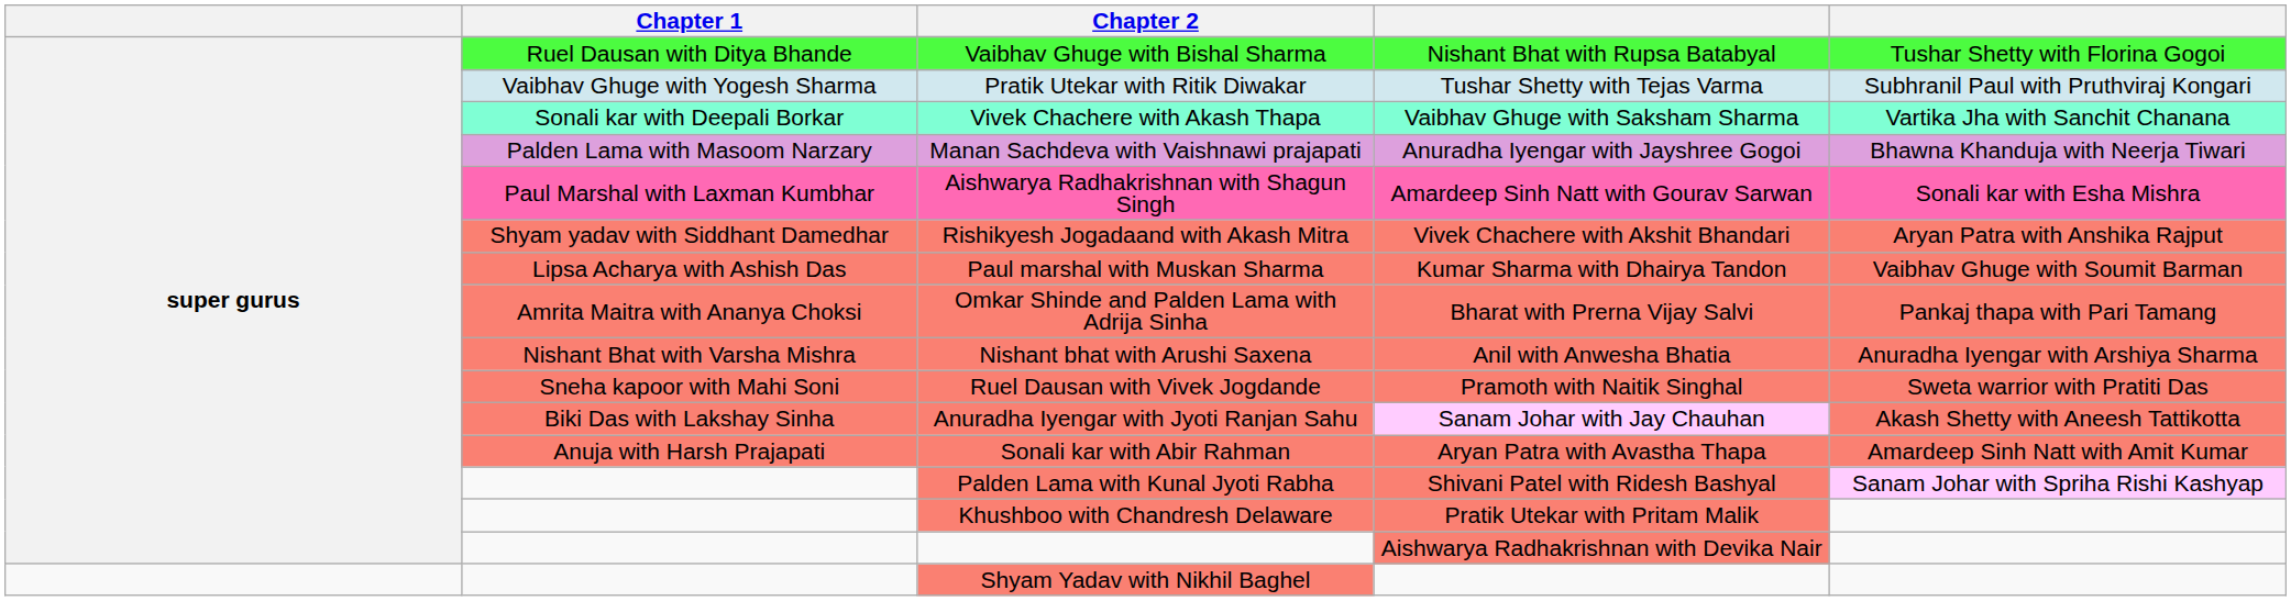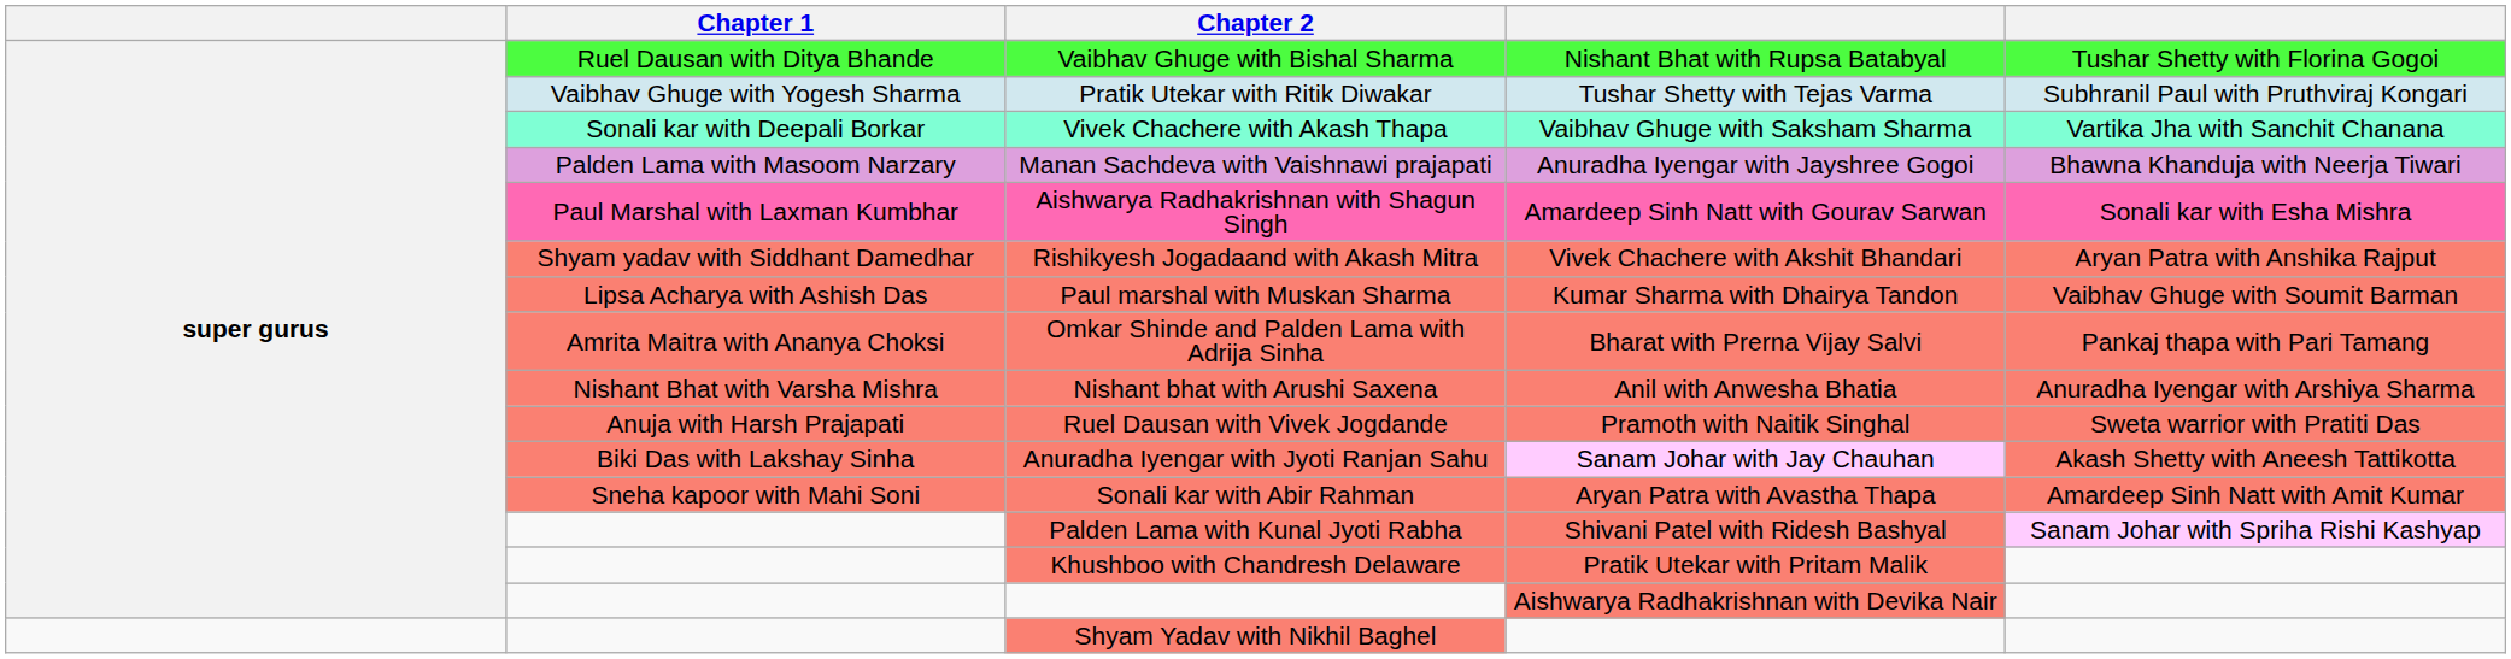 <table class="wikitable" style="text-align:center; width:100%; font-size:100%; line-height:15px;">
 <tr>
 <th rowspan="1" style="width: 10%;"></th>
 <th colspan="1" style="width: 10%;"><a href='#'>Chapter 1</a></th>
 <th colspan="1" style="width: 10%;"><a href='#'>Chapter 2</a></th>
 <th colspan="1" style="width: 10%;"></th>
 <th colspan="1" style="width: 10%;"></th>
 </tr>
 <tr>
 <th rowspan="17" style="width: 10%;">super gurus</th>
 </tr>
 <tr>
 <td style="background:#4CFC40;">Ruel Dausan with Ditya Bhande</td>
 <td style="background:#4CFC40;">Vaibhav Ghuge with Bishal Sharma</td>
 <td style="background:#4CFC40;">Nishant Bhat with Rupsa Batabyal</td>
 <td style="background:#4CFC40;">Tushar Shetty with Florina Gogoi</td>
 </tr>
 <tr>
 </tr>
 <tr>
 <td style="background:#D1E8EF;">Vaibhav Ghuge with Yogesh Sharma</td>
 <td style="background:#D1E8EF;">Pratik Utekar with Ritik Diwakar</td>
 <td style="background:#D1E8EF;">Tushar Shetty with Tejas Varma</td>
 <td style="background:#D1E8EF;">Subhranil Paul with Pruthviraj Kongari</td>
 </tr>
 <tr>
 <td bgcolor=#7FFFD4>Sonali kar with Deepali Borkar</td>
 <td bgcolor=#7FFFD4>Vivek Chachere with Akash Thapa</td>
 <td bgcolor=#7FFFD4>Vaibhav Ghuge with Saksham Sharma</td>
 <td bgcolor=#7FFFD4>Vartika Jha with Sanchit Chanana</td>
 </tr>
 <tr>
 <td bgcolor=#DDA0DD>Palden Lama with Masoom Narzary</td>
 <td bgcolor=#DDA0DD>Manan Sachdeva with Vaishnawi prajapati</td>
 <td bgcolor=#DDA0DD>Anuradha Iyengar with Jayshree Gogoi</td>
 <td bgcolor=#DDA0DD>Bhawna Khanduja with Neerja Tiwari</td>
 </tr>
 <tr>
 <td style="background:#FF69B4;">Paul Marshal with Laxman Kumbhar</td>
 <td style="background:#FF69B4;">Aishwarya Radhakrishnan with Shagun Singh</td>
 <td style="background:#FF69B4;">Amardeep Sinh Natt with Gourav Sarwan</td>
 <td style="background:#FF69B4;">Sonali kar with Esha Mishra</td>
 </tr>
 <tr>
 <td style="background:salmon;">Shyam yadav with Siddhant Damedhar</td>
 <td style="background:salmon;">Rishikyesh Jogadaand with Akash Mitra</td>
 <td style="background:salmon;">Vivek Chachere with Akshit Bhandari</td>
 <td style="background:salmon;">Aryan Patra with Anshika Rajput</td>
 </tr>
 <tr>
 <td style="background:salmon;">Lipsa Acharya with Ashish Das</td>
 <td style="background:salmon;">Paul marshal with Muskan Sharma</td>
 <td style="background:salmon;">Kumar Sharma with Dhairya Tandon</td>
 <td style="background:salmon;">Vaibhav Ghuge with Soumit Barman</td>
 </tr>
 <tr>
 <td style="background:salmon;">Amrita Maitra with Ananya Choksi</td>
 <td style="background:salmon;">Omkar Shinde and Palden Lama with Adrija Sinha</td>
 <td style="background:salmon;">Bharat with Prerna Vijay Salvi</td>
 <td style="background:salmon;">Pankaj thapa with Pari Tamang</td>
 </tr>
 <tr>
 <td style="background:salmon;">Nishant Bhat with Varsha Mishra</td>
 <td style="background:salmon;">Nishant bhat with Arushi Saxena</td>
 <td style="background:salmon;">Anil with Anwesha Bhatia</td>
 <td style="background:salmon;">Anuradha Iyengar with Arshiya Sharma</td>
 </tr>
 <tr>
-<td style="background:salmon;">Sneha kapoor with Mahi Soni</td>
+<td style="background:salmon;">Anuja with Harsh Prajapati</td>
 <td style="background:salmon;">Ruel Dausan with Vivek Jogdande</td>
 <td style="background:salmon;">Pramoth with Naitik Singhal</td>
 <td style="background:salmon;">Sweta warrior with Pratiti Das</td>
 </tr>
 <tr>
 <td style="background:salmon;">Biki Das with Lakshay Sinha</td>
 <td style="background:salmon;">Anuradha Iyengar with Jyoti Ranjan Sahu</td>
 <td style="background:#fcf;">Sanam Johar with Jay Chauhan</td>
 <td style="background:salmon;">Akash Shetty with Aneesh Tattikotta</td>
 </tr>
 <tr>
-<td style="background:salmon;">Anuja with Harsh Prajapati</td>
+<td style="background:salmon;">Sneha kapoor with Mahi Soni</td>
 <td style="background:salmon;">Sonali kar with Abir Rahman</td>
 <td style="background:salmon;">Aryan Patra with Avastha Thapa</td>
 <td style="background:salmon;">Amardeep Sinh Natt with Amit Kumar</td>
 </tr>
 <tr>
 <td></td>
 <td style="background:salmon;">Palden Lama with Kunal Jyoti Rabha</td>
 <td style="background:salmon;">Shivani Patel with Ridesh Bashyal</td>
 <td style="background:#fcf;">Sanam Johar with Spriha Rishi Kashyap</td>
 </tr>
 <tr>
 <td></td>
 <td style="background:salmon;">Khushboo with Chandresh Delaware</td>
 <td style="background:salmon;">Pratik Utekar with Pritam Malik</td>
 <td></td>
 </tr>
 <tr>
 <td></td>
 <td></td>
 <td style="background:salmon;">Aishwarya Radhakrishnan with Devika Nair</td>
 <td></td>
 </tr>
 <tr>
 <td></td>
 <td></td>
 <td style="background:salmon;">Shyam Yadav with Nikhil Baghel</td>
 <td></td>
 </tr>
 </table>
